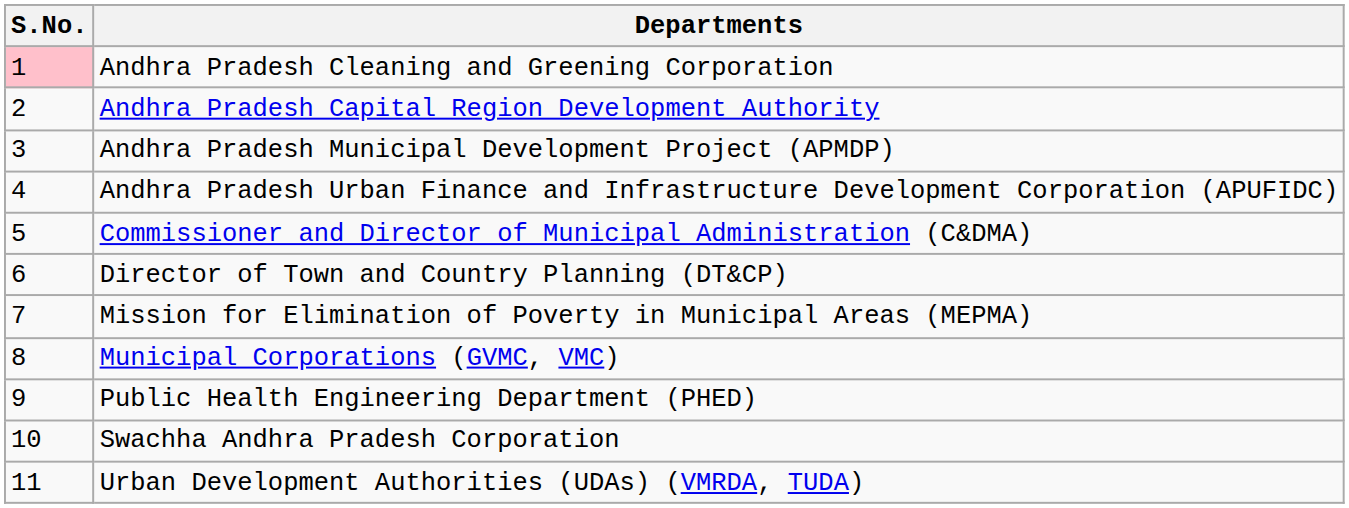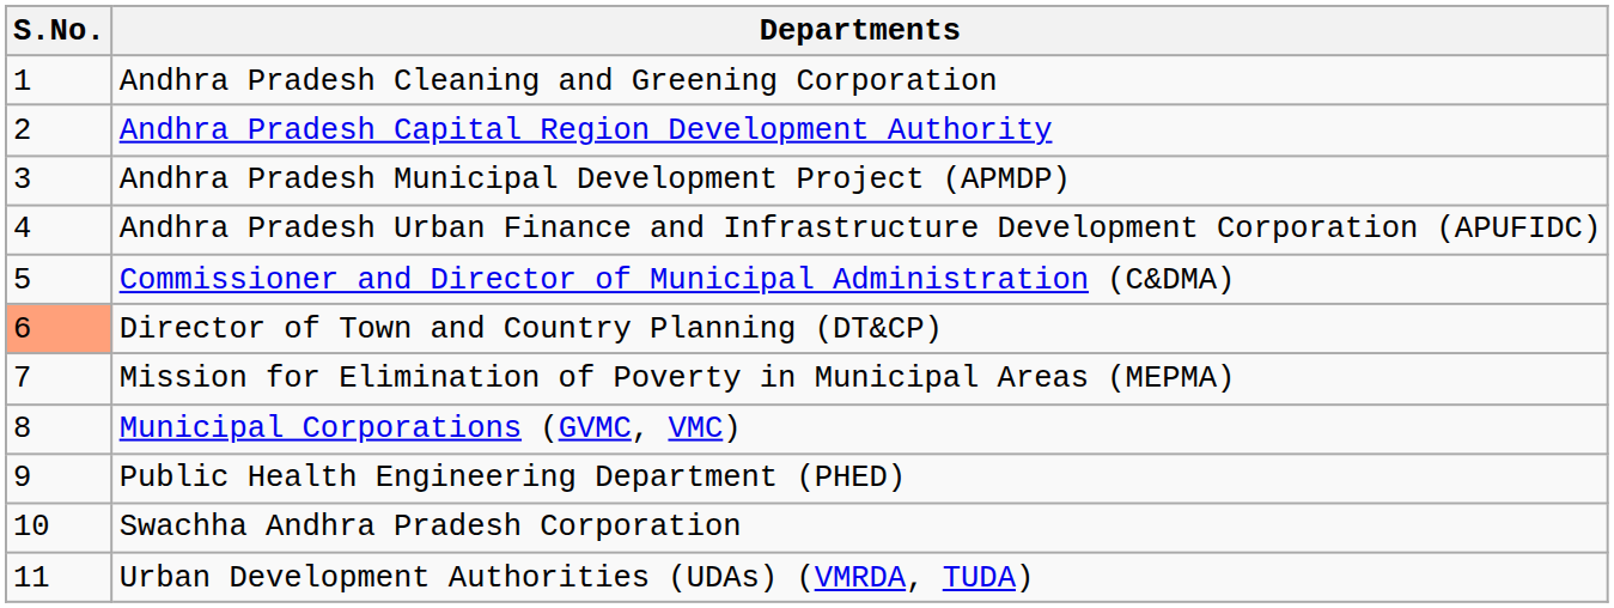 <table class="wikitable">
 <tr>
 <th>S.No.</th>
 <th>Departments</th>
 </tr>
 <tr>
-<td style="background: pink;">1</td>
+<td>1</td>
 <td>Andhra Pradesh Cleaning and Greening Corporation</td>
 </tr>
 <tr>
 <td>2</td>
 <td><a href='#'>Andhra Pradesh Capital Region Development Authority</a></td>
 </tr>
 <tr>
 <td>3</td>
 <td>Andhra Pradesh Municipal Development Project (APMDP)</td>
 </tr>
 <tr>
 <td>4</td>
 <td>Andhra Pradesh Urban Finance and Infrastructure Development Corporation (APUFIDC)</td>
 </tr>
 <tr>
 <td>5</td>
 <td><a href='#'>Commissioner and Director of Municipal Administration</a> (C&DMA)</td>
 </tr>
 <tr>
-<td>6</td>
+<td style="background: lightsalmon;">6</td>
 <td>Director of Town and Country Planning (DT&CP)</td>
 </tr>
 <tr>
 <td>7</td>
 <td>Mission for Elimination of Poverty in Municipal Areas (MEPMA)</td>
 </tr>
 <tr>
 <td>8</td>
 <td><a href='#'>Municipal Corporations</a> (<a href='#'>GVMC</a>, <a href='#'>VMC</a>)</td>
 </tr>
 <tr>
 <td>9</td>
 <td>Public Health Engineering Department (PHED)</td>
 </tr>
 <tr>
 <td>10</td>
 <td>Swachha Andhra Pradesh Corporation</td>
 </tr>
 <tr>
 <td>11</td>
 <td>Urban Development Authorities (UDAs) (<a href='#'>VMRDA</a>, <a href='#'>TUDA</a>)</td>
 </tr>
 </table>
